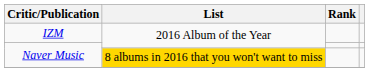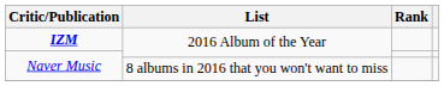 <table class="wikitable">
 <tr>
 <th>Critic/Publication</th>
 <th>List</th>
 <th>Rank</th>
 <th></th>
 </tr>
 <tr>
-<td align="center"><em><a href='#'>IZM</a></em></td>
+<td align="center"><strong><em><a href='#'>IZM</a></em></strong></td>
 <td align="center" rowspan="2">2016 Album of the Year</td>
 <td align="center"></td>
 <td align="center"></td>
 </tr>
 <tr>
 <td align="center" rowspan="2"><em><a href='#'>Naver Music</a></em></td>
 <td align="center"></td>
 <td align="center"></td>
 </tr>
 <tr>
-<td align="center" style="background: gold;">8 albums in 2016 that you won't want to miss</td>
+<td align="center">8 albums in 2016 that you won't want to miss</td>
 <td align="center"></td>
 <td align="center"></td>
 </tr>
 <tr>
 </tr>
 </table>
